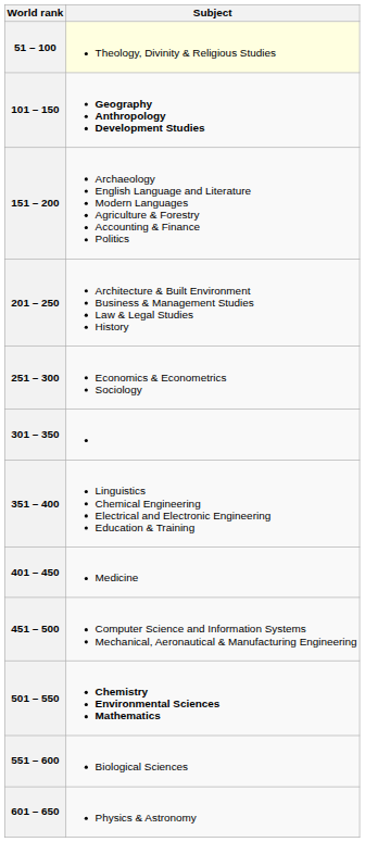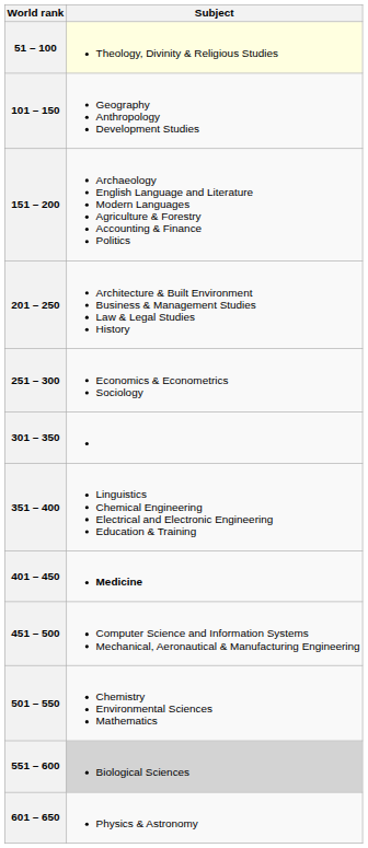 <table class="wikitable">
 <tr>
 <th>World rank</th>
 <th>Subject</th>
 </tr>
 <tr>
 <th><strong>51 – 100</strong></th>
 <td style="background: lightyellow;"><br><ul><li>Theology, Divinity & Religious Studies</li></ul></td>
 </tr>
 <tr>
 <th><strong>101 – 150</strong></th>
-<td><strong><br><ul><li>Geography</li><li>Anthropology</li><li>Development Studies</li></ul></strong></td>
+<td><br><ul><li>Geography</li><li>Anthropology</li><li>Development Studies</li></ul></td>
 </tr>
 <tr>
 <th><strong>151 – 200</strong></th>
 <td><br><ul><li>Archaeology</li><li>English Language and Literature</li><li>Modern Languages</li><li>Agriculture & Forestry</li><li>Accounting & Finance</li><li>Politics</li></ul></td>
 </tr>
 <tr>
 <th><strong>201 – 250</strong></th>
 <td><br><ul><li>Architecture & Built Environment</li><li>Business & Management Studies</li><li>Law & Legal Studies</li><li>History</li></ul></td>
 </tr>
 <tr>
 <th><strong>251 – 300</strong></th>
 <td><br><ul><li>Economics & Econometrics</li><li>Sociology</li></ul></td>
 </tr>
 <tr>
 <th><strong>301 – 350</strong></th>
 <td><br><ul><li></li></ul></td>
 </tr>
 <tr>
 <th><strong>351 – 400</strong></th>
 <td><br><ul><li>Linguistics</li><li>Chemical Engineering</li><li>Electrical and Electronic Engineering</li><li>Education & Training</li></ul></td>
 </tr>
 <tr>
 <th><strong>401 – 450</strong></th>
-<td><br><ul><li>Medicine</li></ul></td>
+<td><strong><br><ul><li>Medicine</li></ul></strong></td>
 </tr>
 <tr>
 <th><strong>451 – 500</strong></th>
 <td><br><ul><li>Computer Science and Information Systems</li><li>Mechanical, Aeronautical & Manufacturing Engineering</li></ul></td>
 </tr>
 <tr>
 <th><strong>501 – 550</strong></th>
-<td><strong><br><ul><li>Chemistry</li><li>Environmental Sciences</li><li>Mathematics</li></ul></strong></td>
+<td><br><ul><li>Chemistry</li><li>Environmental Sciences</li><li>Mathematics</li></ul></td>
 </tr>
 <tr>
 <th><strong>551 – 600</strong></th>
-<td><br><ul><li>Biological Sciences</li></ul></td>
+<td style="background: lightgrey;"><br><ul><li>Biological Sciences</li></ul></td>
 </tr>
 <tr>
 <th><strong>601 – 650</strong></th>
 <td><br><ul><li>Physics & Astronomy</li></ul></td>
 </tr>
 </table>
